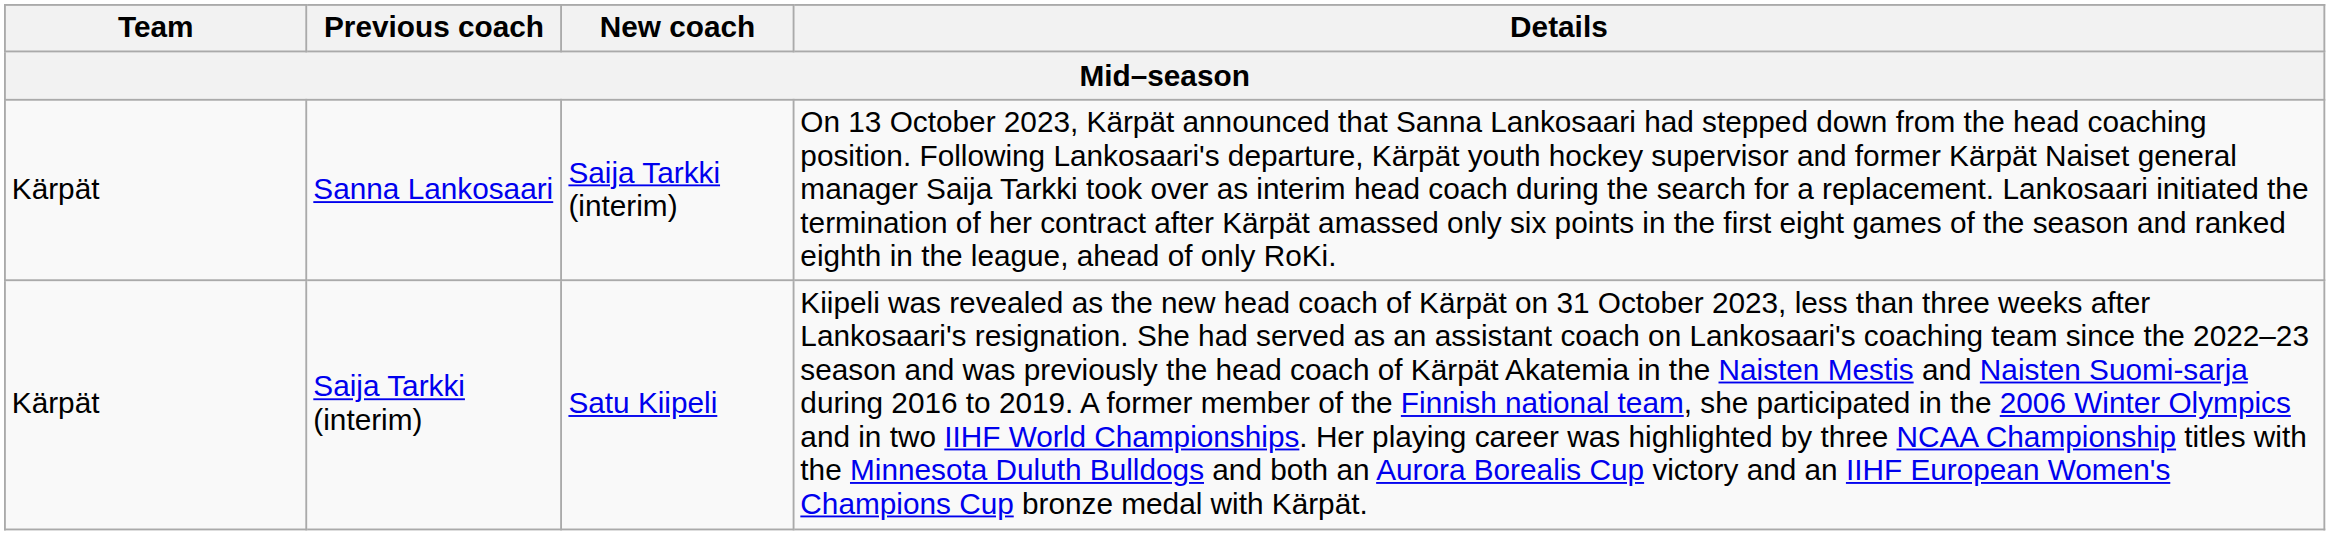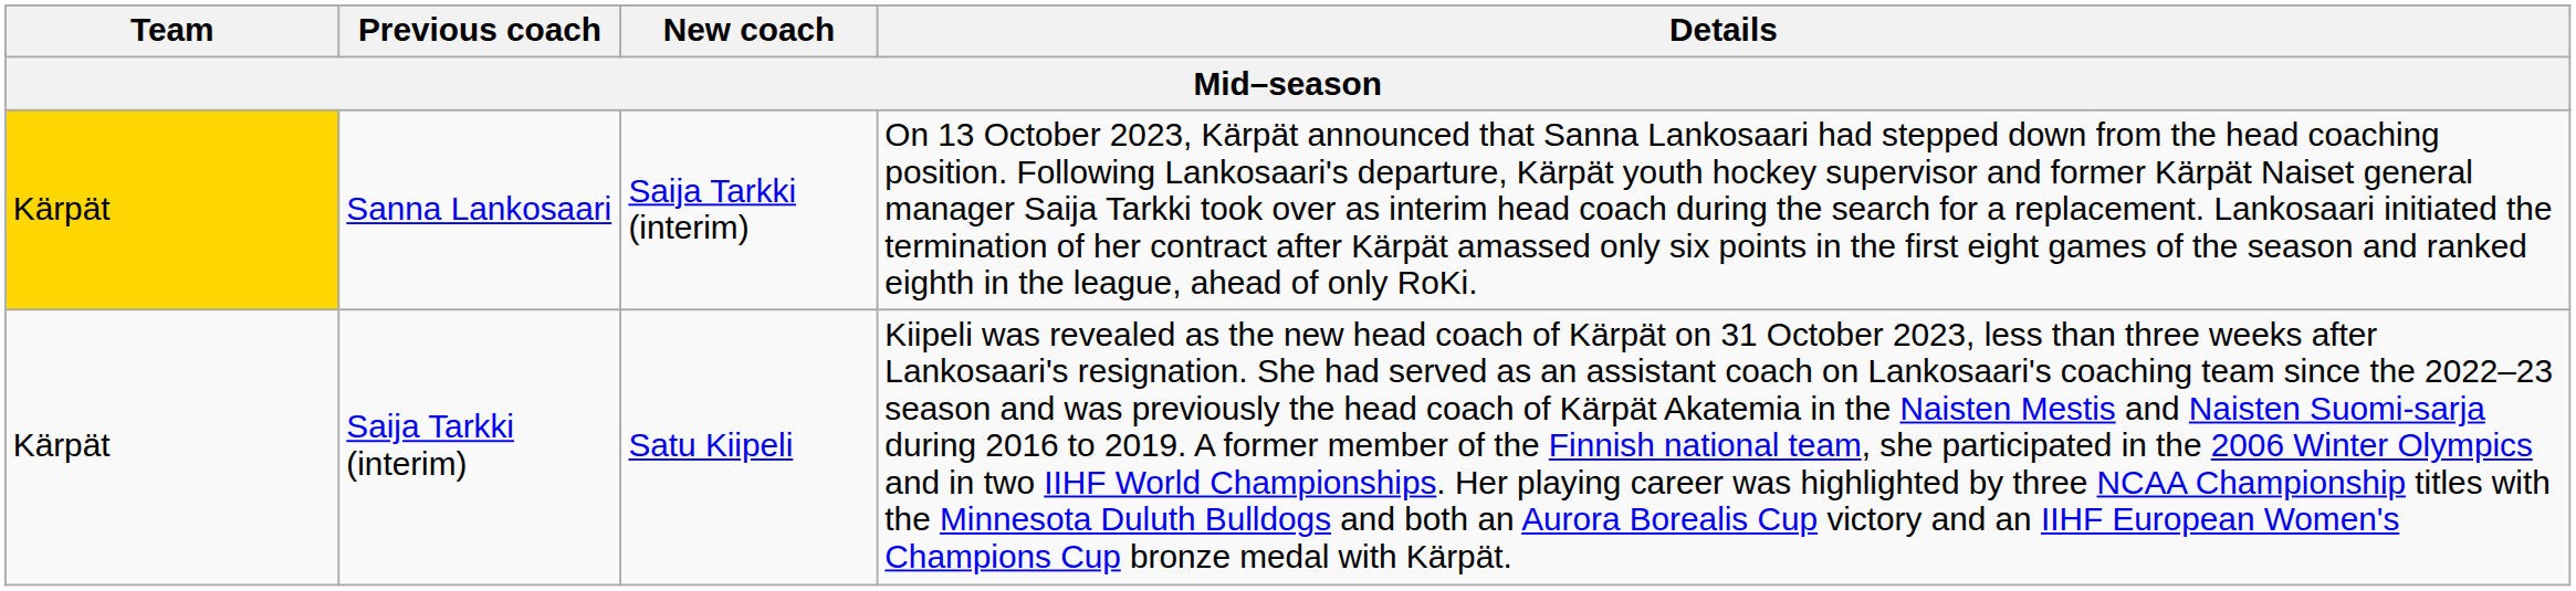 <table class="wikitable">
 <tr>
 <th style="width:13%;">Team</th>
 <th style="width:11%;">Previous coach</th>
 <th style="width:10%;">New coach</th>
 <th>Details</th>
 </tr>
 <tr>
 <th colspan="4">Mid–season</th>
 </tr>
 <tr>
-<td>Kärpät</td>
+<td style="background: gold;">Kärpät</td>
 <td><a href='#'>Sanna Lankosaari</a></td>
 <td><a href='#'>Saija Tarkki</a> (interim)</td>
 <td>On 13 October 2023, Kärpät announced that Sanna Lankosaari had stepped down from the head coaching position. Following Lankosaari's departure, Kärpät youth hockey supervisor and former Kärpät Naiset general manager Saija Tarkki took over as interim head coach during the search for a replacement. Lankosaari initiated the termination of her contract after Kärpät amassed only six points in the first eight games of the season and ranked eighth in the league, ahead of only RoKi.</td>
 </tr>
 <tr>
 <td>Kärpät</td>
 <td><a href='#'>Saija Tarkki</a> (interim)</td>
 <td><a href='#'>Satu Kiipeli</a></td>
 <td>Kiipeli was revealed as the new head coach of Kärpät on 31 October 2023, less than three weeks after Lankosaari's resignation. She had served as an assistant coach on Lankosaari's coaching team since the 2022–23 season and was previously the head coach of Kärpät Akatemia in the <a href='#'>Naisten Mestis</a> and <a href='#'>Naisten Suomi-sarja</a> during 2016 to 2019. A former member of the <a href='#'>Finnish national team</a>, she participated in the <a href='#'>2006 Winter Olympics</a> and in two <a href='#'>IIHF World Championships</a>. Her playing career was highlighted by three <a href='#'>NCAA Championship</a> titles with the <a href='#'>Minnesota Duluth Bulldogs</a> and both an <a href='#'>Aurora Borealis Cup</a> victory and an <a href='#'>IIHF European Women's Champions Cup</a> bronze medal with Kärpät.</td>
 </tr>
 </table>
